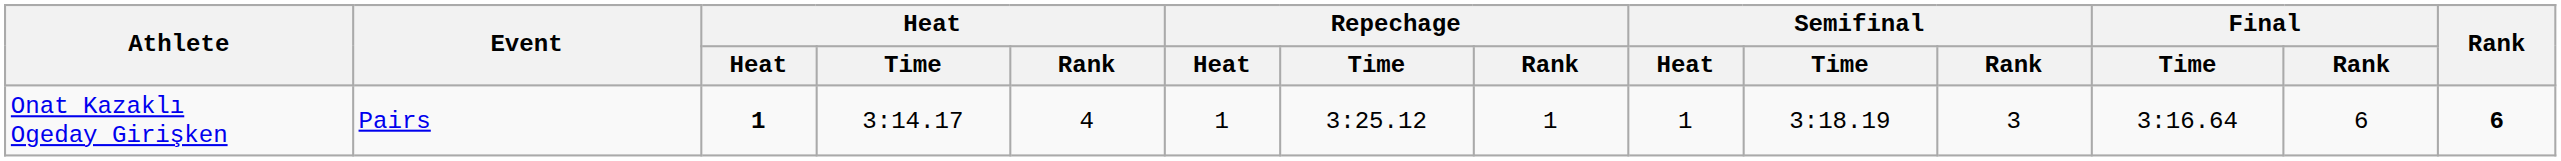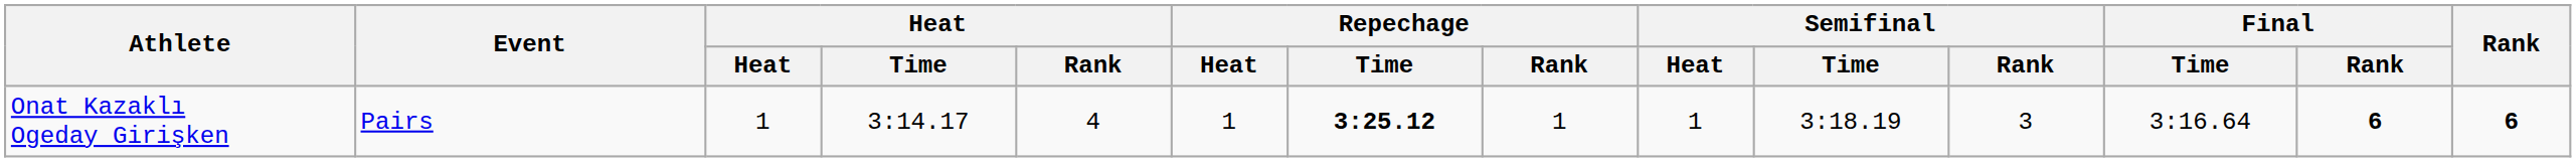 <table class="wikitable" width="98%" style="text-align:center; font-size:90%">
 <tr>
 <th rowspan="2" width="9%">Athlete</th>
 <th rowspan="2" width="9%">Event</th>
 <th colspan="3" width="12%">Heat</th>
 <th colspan="3" width="12%">Repechage</th>
 <th colspan="3" width="12%">Semifinal</th>
 <th colspan="2" width="9%">Final</th>
 <th rowspan="2" width="3%">Rank</th>
 </tr>
 <tr>
 <th width="3%">Heat</th>
 <th width="5%">Time</th>
 <th>Rank</th>
 <th width="3%">Heat</th>
 <th width="5%">Time</th>
 <th>Rank</th>
 <th width="3%">Heat</th>
 <th width="5%">Time</th>
 <th>Rank</th>
 <th width="5%">Time</th>
 <th>Rank</th>
 </tr>
 <tr>
 <td align="left"><a href='#'>Onat Kazaklı</a><br><a href='#'>Ogeday Girişken</a></td>
 <td align="left"><a href='#'>Pairs</a></td>
-<td><strong>1</strong></td>
+<td>1</td>
 <td>3:14.17</td>
 <td>4 <strong></strong></td>
 <td>1</td>
-<td>3:25.12</td>
+<td><strong>3:25.12</strong></td>
 <td>1 <strong></strong></td>
 <td>1</td>
 <td>3:18.19</td>
 <td>3 <strong></strong></td>
 <td>3:16.64</td>
-<td>6</td>
+<td><strong>6</strong></td>
 <td><strong>6</strong></td>
 </tr>
 </table>
